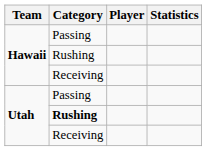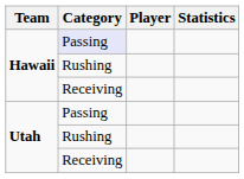 <table class="wikitable" style="float: right;">
 <tr>
 <th>Team</th>
 <th>Category</th>
 <th>Player</th>
 <th>Statistics</th>
 </tr>
 <tr>
 <td rowspan=3><strong>Hawaii</strong></td>
-<td>Passing</td>
+<td style="background: lavender;">Passing</td>
 <td></td>
 <td></td>
 </tr>
 <tr>
 <td>Rushing</td>
 <td></td>
 <td></td>
 </tr>
 <tr>
 <td>Receiving</td>
 <td></td>
 <td></td>
 </tr>
 <tr>
 <td rowspan=3><strong>Utah</strong></td>
 <td>Passing</td>
 <td></td>
 <td></td>
 </tr>
 <tr>
-<td><strong>Rushing</strong></td>
+<td>Rushing</td>
 <td></td>
 <td></td>
 </tr>
 <tr>
 <td>Receiving</td>
 <td></td>
 <td></td>
 </tr>
 </table>
